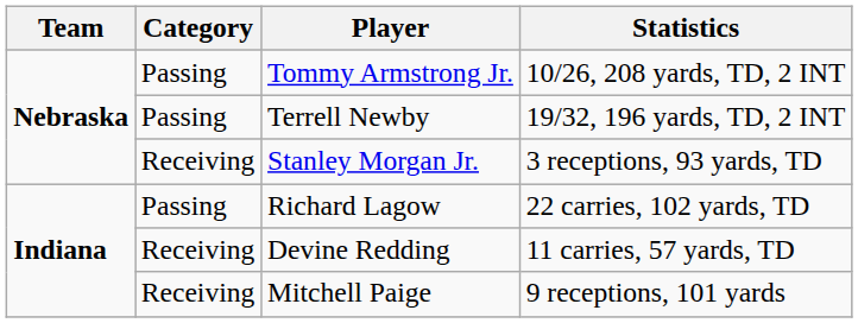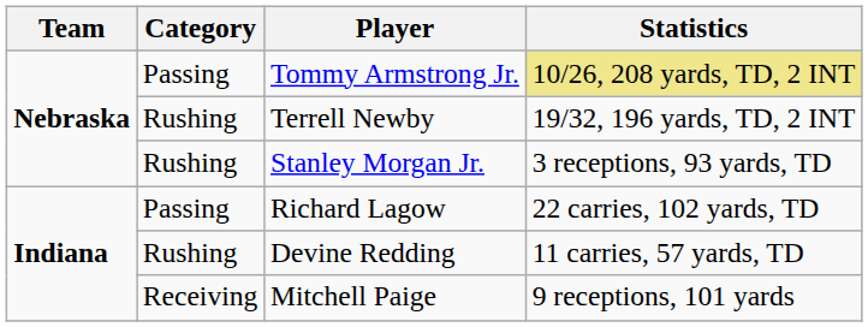 <table class="wikitable" style="float: right;">
 <tr>
 <th>Team</th>
 <th>Category</th>
 <th>Player</th>
 <th>Statistics</th>
 </tr>
 <tr>
 <td rowspan=3><strong>Nebraska</strong></td>
 <td>Passing</td>
 <td><a href='#'>Tommy Armstrong Jr.</a></td>
-<td>10/26, 208 yards, TD, 2 INT</td>
+<td style="background: khaki;">10/26, 208 yards, TD, 2 INT</td>
 </tr>
 <tr>
-<td>Passing</td>
+<td>Rushing</td>
 <td>Terrell Newby</td>
 <td>19/32, 196 yards, TD, 2 INT</td>
 </tr>
 <tr>
-<td>Receiving</td>
+<td>Rushing</td>
 <td><a href='#'>Stanley Morgan Jr.</a></td>
 <td>3 receptions, 93 yards, TD</td>
 </tr>
 <tr>
 <td rowspan=3><strong>Indiana</strong></td>
 <td>Passing</td>
 <td>Richard Lagow</td>
 <td>22 carries, 102 yards, TD</td>
 </tr>
 <tr>
-<td>Receiving</td>
+<td>Rushing</td>
 <td>Devine Redding</td>
 <td>11 carries, 57 yards, TD</td>
 </tr>
 <tr>
 <td>Receiving</td>
 <td>Mitchell Paige</td>
 <td>9 receptions, 101 yards</td>
 </tr>
 </table>
